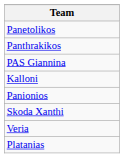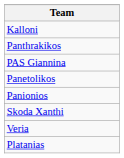 <table class="wikitable" style="float:left; margin-right:1em;">
 <tr>
 </tr>
 <tr>
 <th width=170>Team</th>
 </tr>
 <tr>
-<td><a href='#'>Panetolikos</a></td>
+<td><a href='#'>Kalloni</a></td>
 </tr>
 <tr>
 <td><a href='#'>Panthrakikos</a></td>
 </tr>
 <tr>
 <td><a href='#'>PAS Giannina</a></td>
 </tr>
 <tr>
-<td><a href='#'>Kalloni</a></td>
+<td><a href='#'>Panetolikos</a></td>
 </tr>
 <tr>
 <td><a href='#'>Panionios</a></td>
 </tr>
 <tr>
 <td><a href='#'>Skoda Xanthi</a></td>
 </tr>
 <tr>
 <td><a href='#'>Veria</a></td>
 </tr>
 <tr>
 <td><a href='#'>Platanias</a></td>
 </tr>
 </table>
